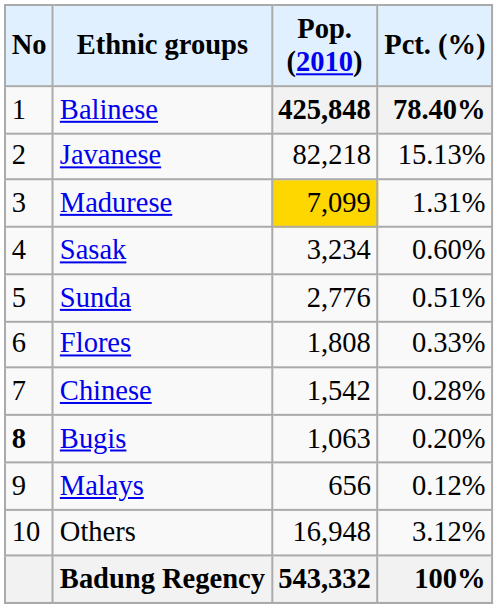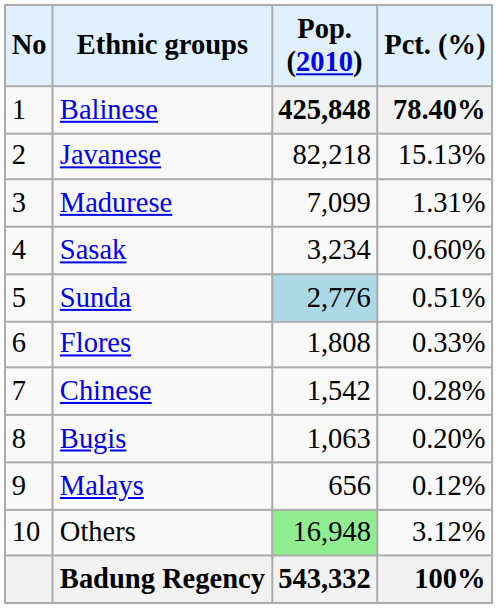 <table class="wikitable sortable" style="font-size:90%;">
 <tr>
 <th style="background:#E0F0FF;">No</th>
 <th style="background:#E0F0FF;">Ethnic groups</th>
 <th style="background:#E0F0FF;">Pop.<br> (<a href='#'>2010</a>)</th>
 <th style="background:#E0F0FF;">Pct. (%)</th>
 </tr>
 <tr>
 <td>1</td>
 <td><a href='#'>Balinese</a></td>
 <th style="text-align: right;">425,848</th>
 <th style="text-align: right;">78.40%</th>
 </tr>
 <tr>
 <td>2</td>
 <td><a href='#'>Javanese</a></td>
 <td style="text-align: right;">82,218</td>
 <td style="text-align: right;">15.13%</td>
 </tr>
 <tr>
 <td>3</td>
 <td><a href='#'>Madurese</a></td>
-<td style="background: gold; text-align: right;">7,099</td>
+<td style="text-align: right;">7,099</td>
 <td style="text-align: right;">1.31%</td>
 </tr>
 <tr>
 <td>4</td>
 <td><a href='#'>Sasak</a></td>
 <td style="text-align: right;">3,234</td>
 <td style="text-align: right;">0.60%</td>
 </tr>
 <tr>
 <td>5</td>
 <td><a href='#'>Sunda</a></td>
-<td style="text-align: right;">2,776</td>
+<td style="background: lightblue; text-align: right;">2,776</td>
 <td style="text-align: right;">0.51%</td>
 </tr>
 <tr>
 <td>6</td>
 <td><a href='#'>Flores</a></td>
 <td style="text-align: right;">1,808</td>
 <td style="text-align: right;">0.33%</td>
 </tr>
 <tr>
 <td>7</td>
 <td><a href='#'>Chinese</a></td>
 <td style="text-align: right;">1,542</td>
 <td style="text-align: right;">0.28%</td>
 </tr>
 <tr>
-<td><strong>8</strong></td>
+<td>8</td>
 <td><a href='#'>Bugis</a></td>
 <td style="text-align: right;">1,063</td>
 <td style="text-align: right;">0.20%</td>
 </tr>
 <tr>
 <td>9</td>
 <td><a href='#'>Malays</a></td>
 <td style="text-align: right;">656</td>
 <td style="text-align: right;">0.12%</td>
 </tr>
 <tr>
 <td>10</td>
 <td>Others</td>
-<td style="text-align: right;">16,948</td>
+<td style="background: lightgreen; text-align: right;">16,948</td>
 <td style="text-align: right;">3.12%</td>
 </tr>
 <tr>
 <th></th>
 <th>Badung Regency</th>
 <th style="text-align: right;">543,332</th>
 <th style="text-align: right;">100%</th>
 </tr>
 <tr>
 </tr>
 </table>
